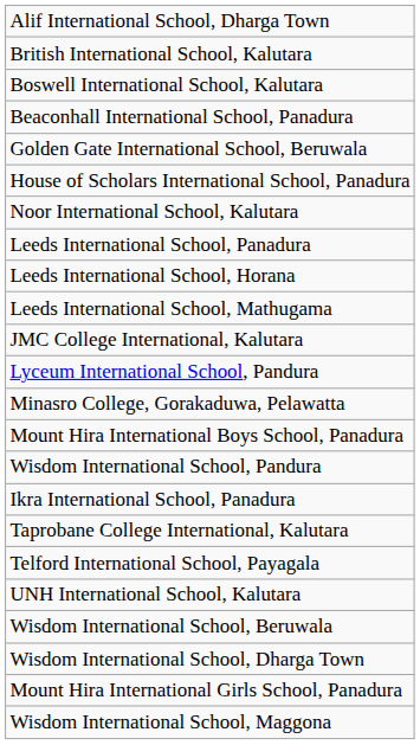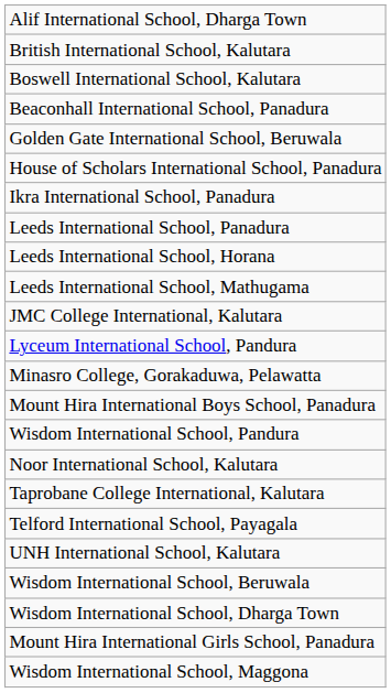 <table class="wikitable">
 <tr>
 <td>Alif International School, Dharga Town</td>
 </tr>
 <tr>
 <td>British International School, Kalutara</td>
 </tr>
 <tr>
 <td>Boswell International School, Kalutara</td>
 </tr>
 <tr>
 <td>Beaconhall International School, Panadura</td>
 </tr>
 <tr>
 <td>Golden Gate International School, Beruwala</td>
 </tr>
 <tr>
 <td>House of Scholars International School, Panadura</td>
 </tr>
 <tr>
-<td>Noor International School, Kalutara</td>
+<td>Ikra International School, Panadura</td>
 </tr>
 <tr>
 <td>Leeds International School, Panadura</td>
 </tr>
 <tr>
 <td>Leeds International School, Horana</td>
 </tr>
 <tr>
 <td>Leeds International School, Mathugama</td>
 </tr>
 <tr>
 <td>JMC College International, Kalutara</td>
 </tr>
 <tr>
 <td><a href='#'>Lyceum International School</a>, Pandura</td>
 </tr>
 <tr>
 <td>Minasro College, Gorakaduwa, Pelawatta</td>
 </tr>
 <tr>
 <td>Mount Hira International Boys School, Panadura</td>
 </tr>
 <tr>
 <td>Wisdom International School, Pandura</td>
 </tr>
 <tr>
-<td>Ikra International School, Panadura</td>
+<td>Noor International School, Kalutara</td>
 </tr>
 <tr>
 <td>Taprobane College International, Kalutara</td>
 </tr>
 <tr>
 <td>Telford International School, Payagala</td>
 </tr>
 <tr>
 <td>UNH International School, Kalutara</td>
 </tr>
 <tr>
 <td>Wisdom International School, Beruwala</td>
 </tr>
 <tr>
 <td>Wisdom International School, Dharga Town</td>
 </tr>
 <tr>
 <td>Mount Hira International Girls School, Panadura</td>
 </tr>
 <tr>
 <td>Wisdom International School, Maggona</td>
 </tr>
 </table>
